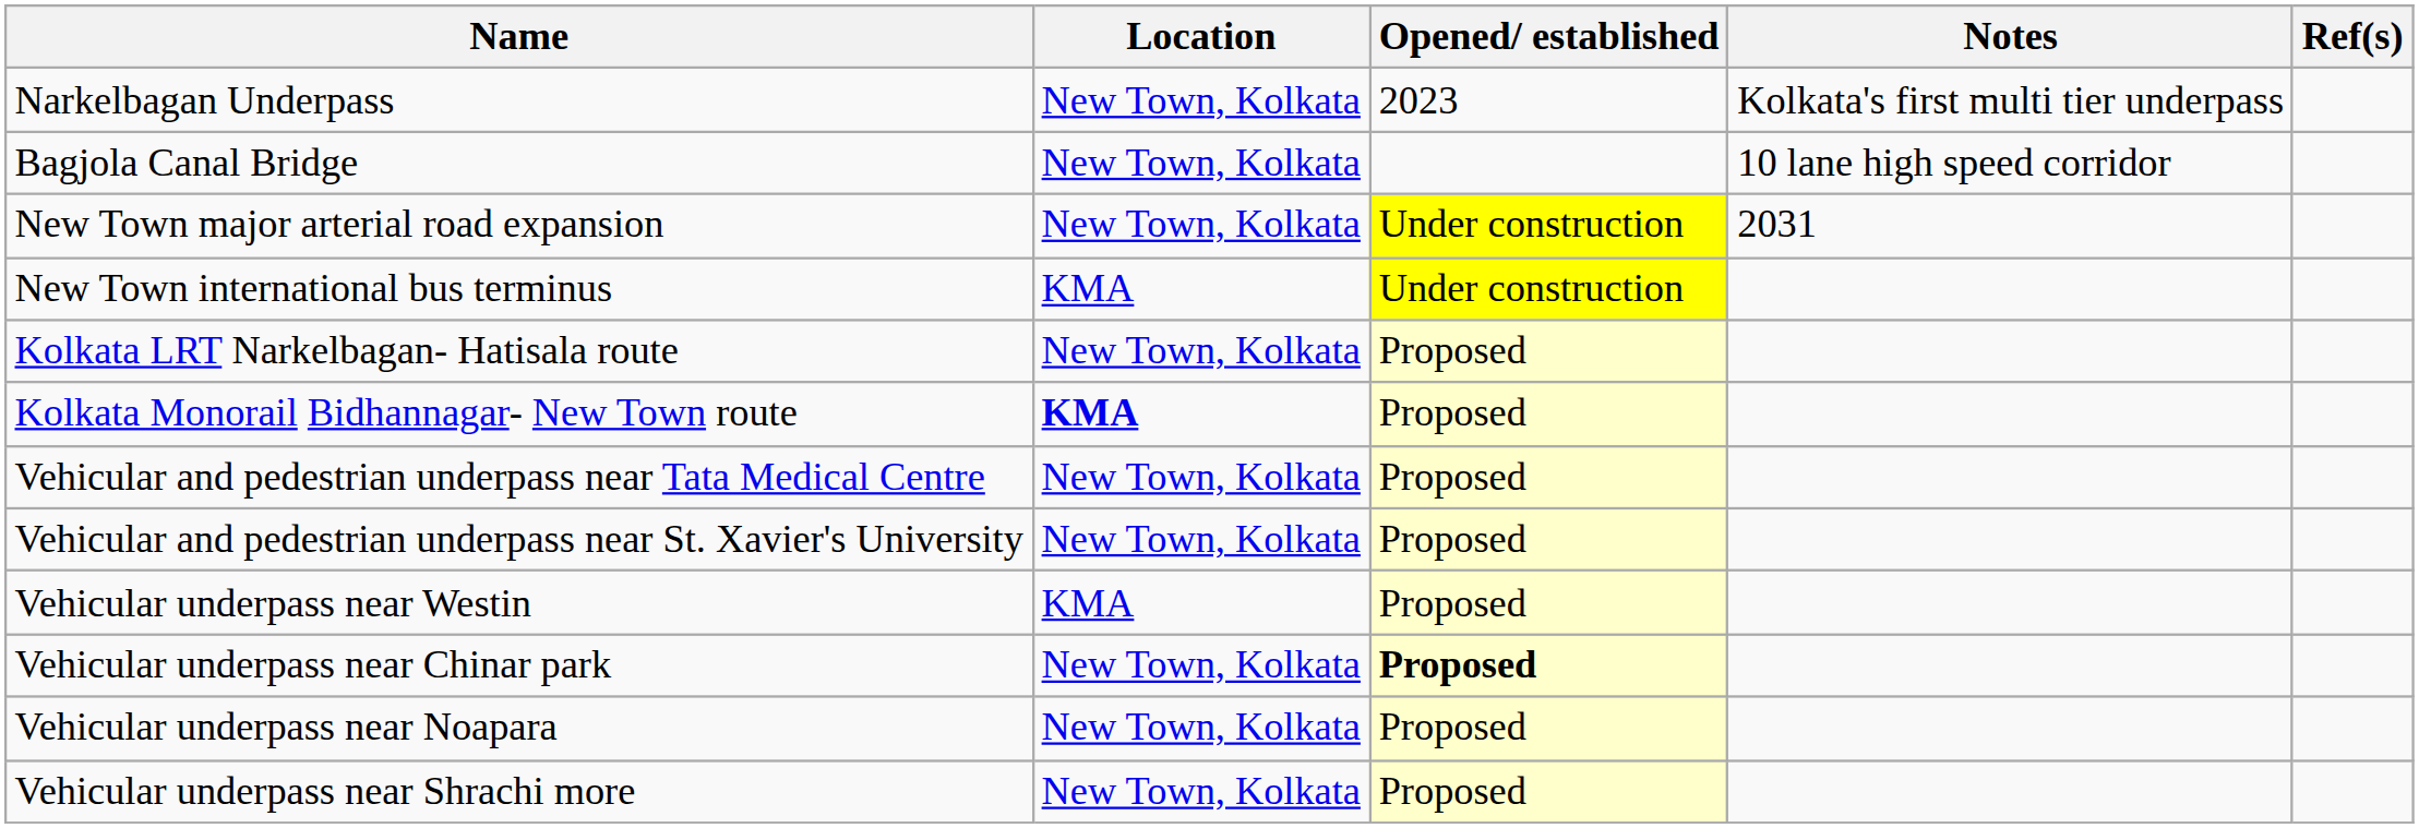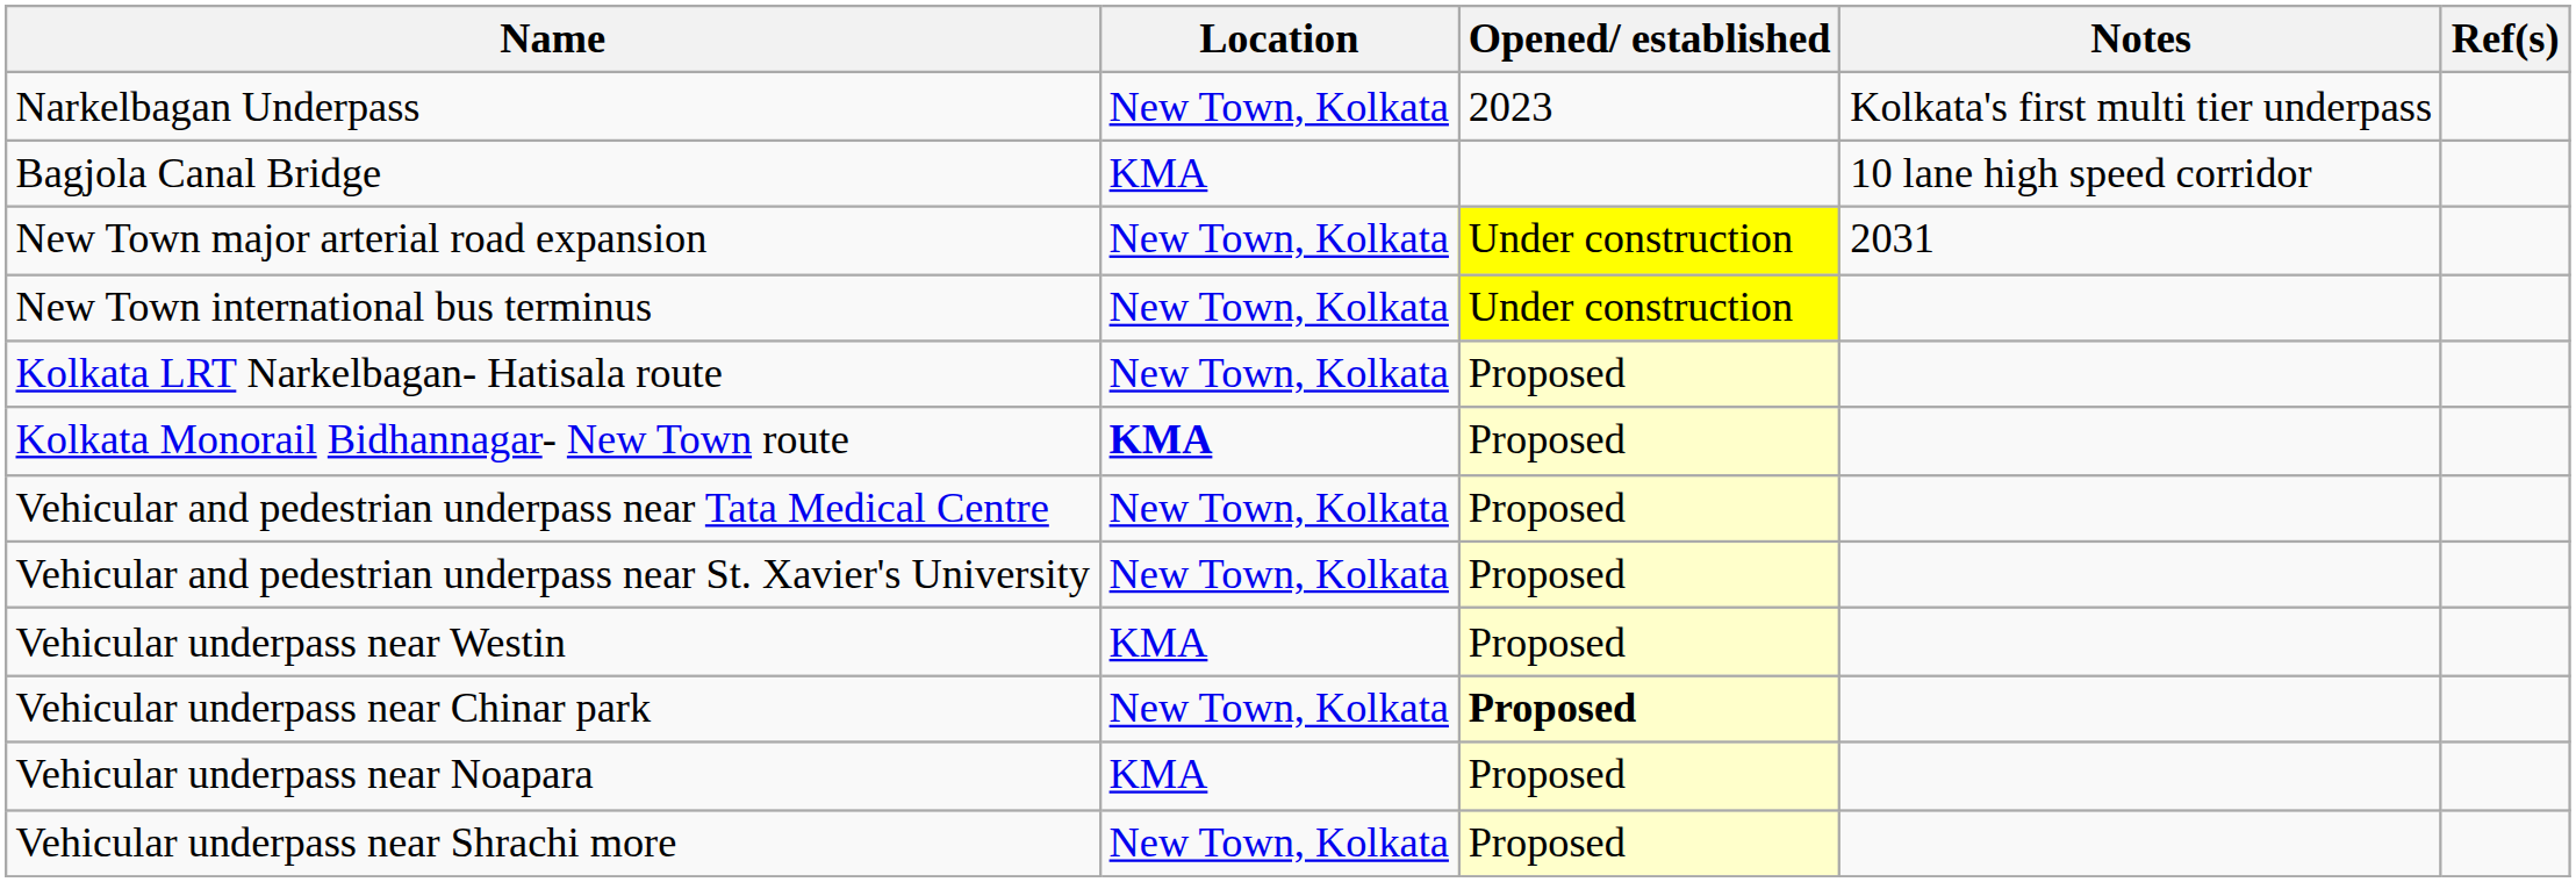 <table class="wikitable">
 <tr>
 <th>Name</th>
 <th>Location</th>
 <th>Opened/ established</th>
 <th>Notes</th>
 <th>Ref(s)</th>
 </tr>
 <tr>
 <td>Narkelbagan Underpass</td>
 <td><a href='#'>New Town, Kolkata</a></td>
 <td>2023</td>
 <td>Kolkata's first multi tier underpass</td>
 <td></td>
 </tr>
 <tr>
 <td>Bagjola Canal Bridge</td>
-<td><a href='#'>New Town, Kolkata</a></td>
+<td><a href='#'>KMA</a></td>
 <td></td>
 <td>10 lane high speed corridor</td>
 <td></td>
 </tr>
 <tr>
 <td>New Town major arterial road expansion</td>
 <td><a href='#'>New Town, Kolkata</a></td>
 <td style="background:yellow">Under construction</td>
 <td>2031</td>
 <td></td>
 </tr>
 <tr>
 <td>New Town international bus terminus</td>
-<td><a href='#'>KMA</a></td>
+<td><a href='#'>New Town, Kolkata</a></td>
 <td style="background:yellow">Under construction</td>
 <td></td>
 <td></td>
 </tr>
 <tr>
 <td><a href='#'>Kolkata LRT</a> Narkelbagan- Hatisala route</td>
 <td><a href='#'>New Town, Kolkata</a></td>
 <td style="background:#ffffcb">Proposed</td>
 <td></td>
 <td></td>
 </tr>
 <tr>
 <td><a href='#'>Kolkata Monorail</a> <a href='#'>Bidhannagar</a>- <a href='#'>New Town</a> route</td>
 <td><strong><a href='#'>KMA</a></strong></td>
 <td style="background:#ffffcb">Proposed</td>
 <td></td>
 <td></td>
 </tr>
 <tr>
 <td>Vehicular and pedestrian underpass near <a href='#'>Tata Medical Centre</a></td>
 <td><a href='#'>New Town, Kolkata</a></td>
 <td style="background:#ffffcb">Proposed</td>
 <td></td>
 <td></td>
 </tr>
 <tr>
 <td>Vehicular and pedestrian underpass near St. Xavier's University</td>
 <td><a href='#'>New Town, Kolkata</a></td>
 <td style="background:#ffffcb">Proposed</td>
 <td></td>
 <td></td>
 </tr>
 <tr>
 <td>Vehicular underpass near Westin</td>
 <td><a href='#'>KMA</a></td>
 <td style="background:#ffffcb">Proposed</td>
 <td></td>
 <td></td>
 </tr>
 <tr>
 <td>Vehicular underpass near Chinar park</td>
 <td><a href='#'>New Town, Kolkata</a></td>
 <td style="background:#ffffcb"><strong>Proposed</strong></td>
 <td></td>
 <td></td>
 </tr>
 <tr>
 <td>Vehicular underpass near Noapara</td>
-<td><a href='#'>New Town, Kolkata</a></td>
+<td><a href='#'>KMA</a></td>
 <td style="background:#ffffcb">Proposed</td>
 <td></td>
 <td></td>
 </tr>
 <tr>
 <td>Vehicular underpass near Shrachi more</td>
 <td><a href='#'>New Town, Kolkata</a></td>
 <td style="background:#ffffcb">Proposed</td>
 <td></td>
 <td></td>
 </tr>
 </table>
